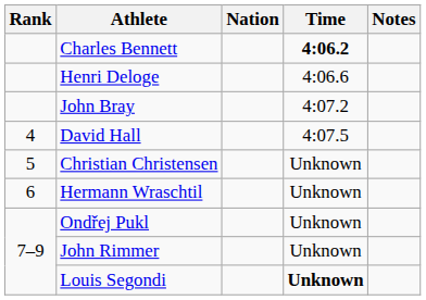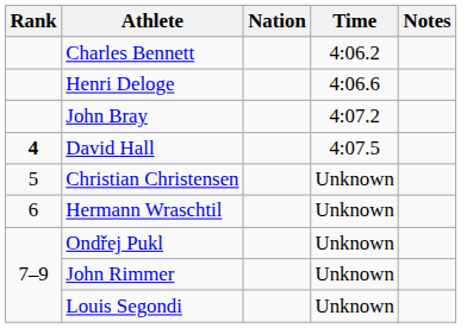 <table class="wikitable sortable" style="text-align:center">
 <tr>
 <th>Rank</th>
 <th>Athlete</th>
 <th>Nation</th>
 <th>Time</th>
 <th>Notes</th>
 </tr>
 <tr>
 <td></td>
 <td align=left><a href='#'>Charles Bennett</a></td>
 <td align=left></td>
-<td><strong>4:06.2</strong></td>
+<td>4:06.2</td>
 <td></td>
 </tr>
 <tr>
 <td></td>
 <td align=left><a href='#'>Henri Deloge</a></td>
 <td align=left></td>
 <td>4:06.6</td>
 <td></td>
 </tr>
 <tr>
 <td></td>
 <td align=left><a href='#'>John Bray</a></td>
 <td align=left></td>
 <td>4:07.2</td>
 <td></td>
 </tr>
 <tr>
-<td>4</td>
+<td><strong>4</strong></td>
 <td align=left><a href='#'>David Hall</a></td>
 <td align=left></td>
 <td>4:07.5</td>
 <td></td>
 </tr>
 <tr>
 <td>5</td>
 <td align=left><a href='#'>Christian Christensen</a></td>
 <td align=left></td>
 <td>Unknown</td>
 <td></td>
 </tr>
 <tr>
 <td>6</td>
 <td align=left><a href='#'>Hermann Wraschtil</a></td>
 <td align=left></td>
 <td>Unknown</td>
 <td></td>
 </tr>
 <tr>
 <td rowspan=3>7–9</td>
 <td align=left><a href='#'>Ondřej Pukl</a></td>
 <td align=left></td>
 <td>Unknown</td>
 <td></td>
 </tr>
 <tr>
 <td align=left><a href='#'>John Rimmer</a></td>
 <td align=left></td>
 <td>Unknown</td>
 <td></td>
 </tr>
 <tr>
 <td align=left><a href='#'>Louis Segondi</a></td>
 <td align=left></td>
-<td><strong>Unknown</strong></td>
+<td>Unknown</td>
 <td></td>
 </tr>
 </table>
